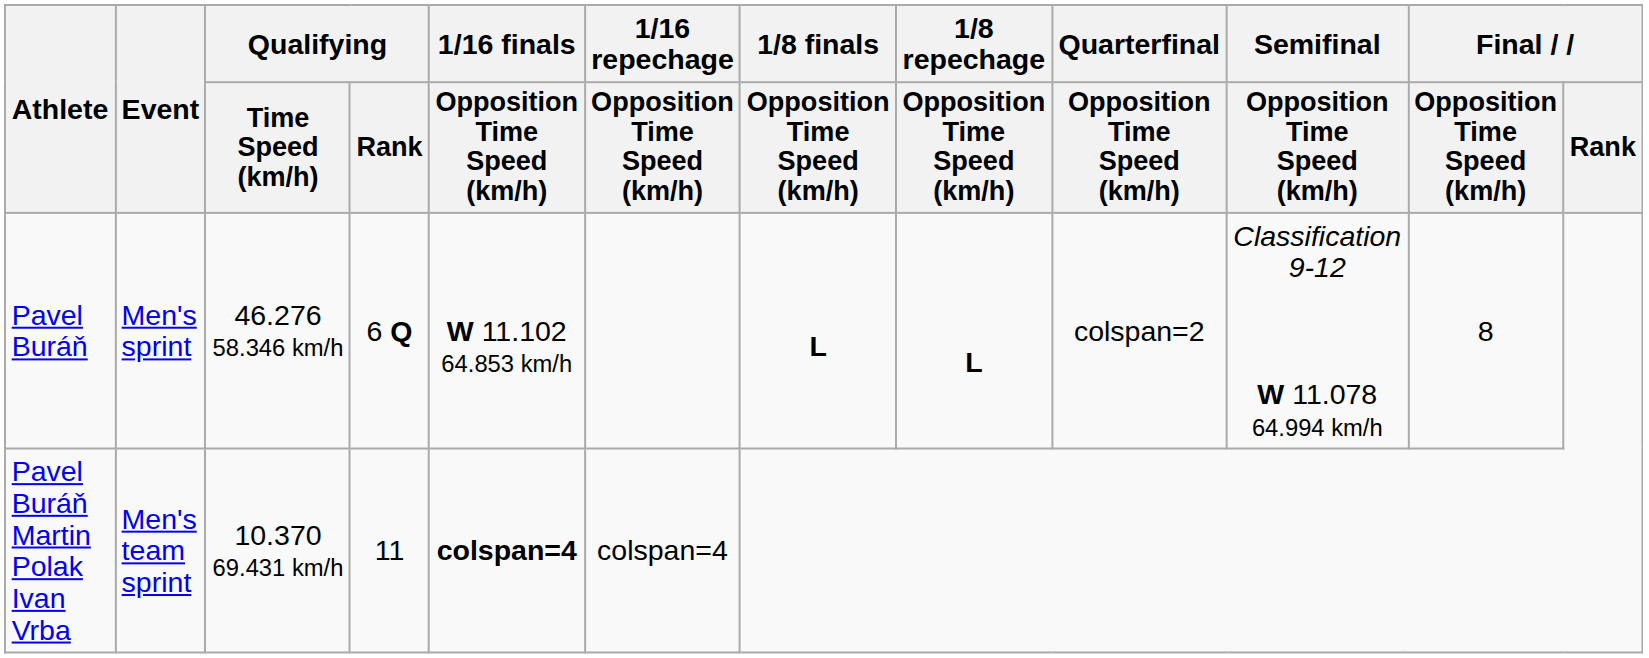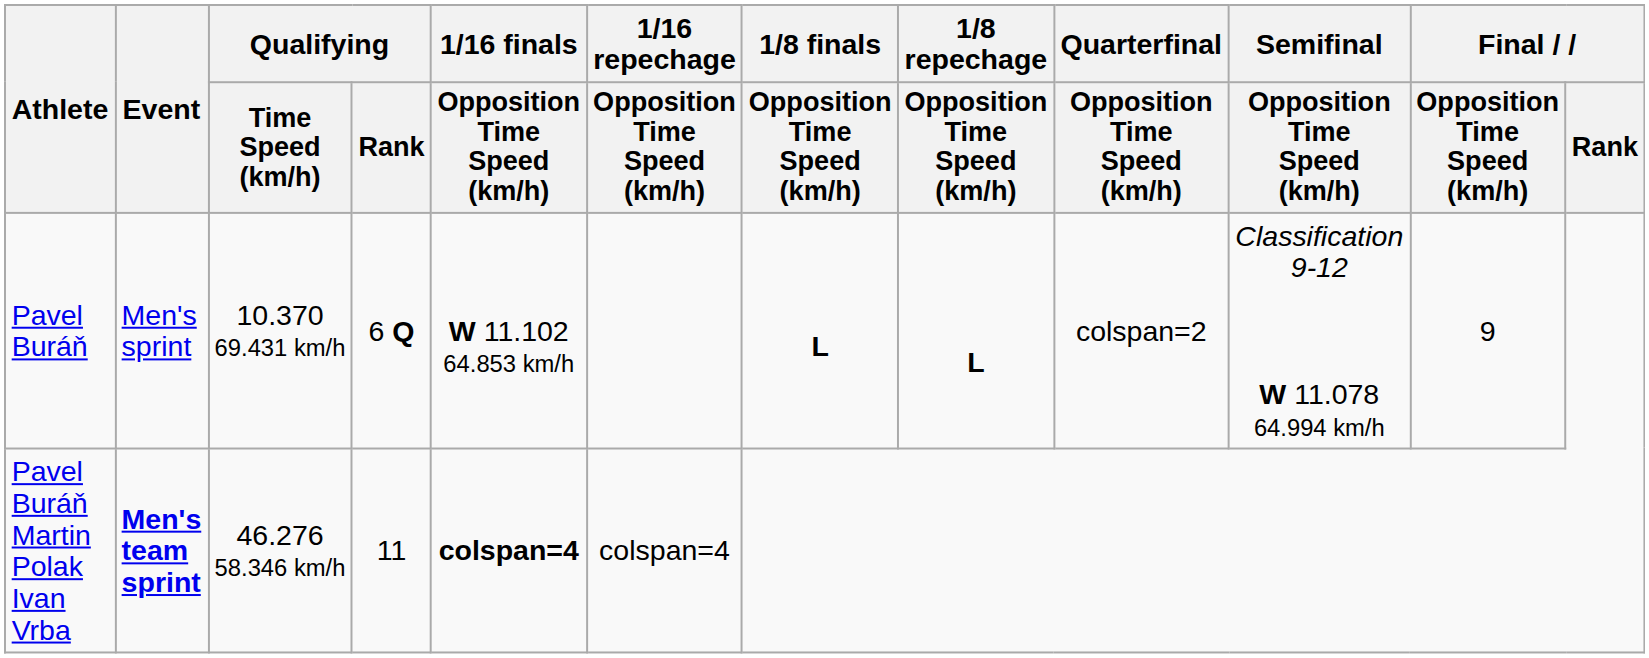 <table class=wikitable style=font-size:90%;text-align:center>
 <tr>
 <th rowspan=2>Athlete</th>
 <th rowspan=2>Event</th>
 <th colspan=2>Qualifying</th>
 <th>1/16 finals</th>
 <th>1/16 repechage</th>
 <th>1/8 finals</th>
 <th>1/8 repechage</th>
 <th>Quarterfinal</th>
 <th>Semifinal</th>
 <th colspan=2>Final /  / </th>
 </tr>
 <tr style=font-size:95%>
 <th>Time<br>Speed (km/h)</th>
 <th>Rank</th>
 <th>Opposition<br>Time<br>Speed (km/h)</th>
 <th>Opposition<br>Time<br>Speed (km/h)</th>
 <th>Opposition<br>Time<br>Speed (km/h)</th>
 <th>Opposition<br>Time<br>Speed (km/h)</th>
 <th>Opposition<br>Time<br>Speed (km/h)</th>
 <th>Opposition<br>Time<br>Speed (km/h)</th>
 <th>Opposition<br>Time<br>Speed (km/h)</th>
 <th>Rank</th>
 </tr>
 <tr>
 <td align=left><a href='#'>Pavel Buráň</a></td>
 <td align=left><a href='#'>Men's sprint</a></td>
-<td>46.276<br><small>58.346 km/h</small></td>
+<td>10.370<br><small>69.431 km/h</small></td>
 <td>6 <strong>Q</strong></td>
 <td><br><strong>W</strong> 11.102<br><small>64.853 km/h</small></td>
 <td></td>
 <td><br><strong>L</strong></td>
 <td><br><br><strong>L</strong></td>
 <td>colspan=2 </td>
 <td><em>Classification 9-12</em><br><br><br><br><strong>W</strong> 11.078<br><small>64.994 km/h</small></td>
-<td>8</td>
+<td>9</td>
 </tr>
 <tr>
 <td align=left><a href='#'>Pavel Buráň</a><br><a href='#'>Martin Polak</a><br><a href='#'>Ivan Vrba</a></td>
-<td align=left><a href='#'>Men's team sprint</a></td>
-<td>10.370<br><small>69.431 km/h</small></td>
+<td align=left><strong><a href='#'>Men's team sprint</a></strong></td>
+<td>46.276<br><small>58.346 km/h</small></td>
 <td>11</td>
 <td><strong>colspan=4 </strong></td>
 <td>colspan=4 </td>
 </tr>
 </table>
